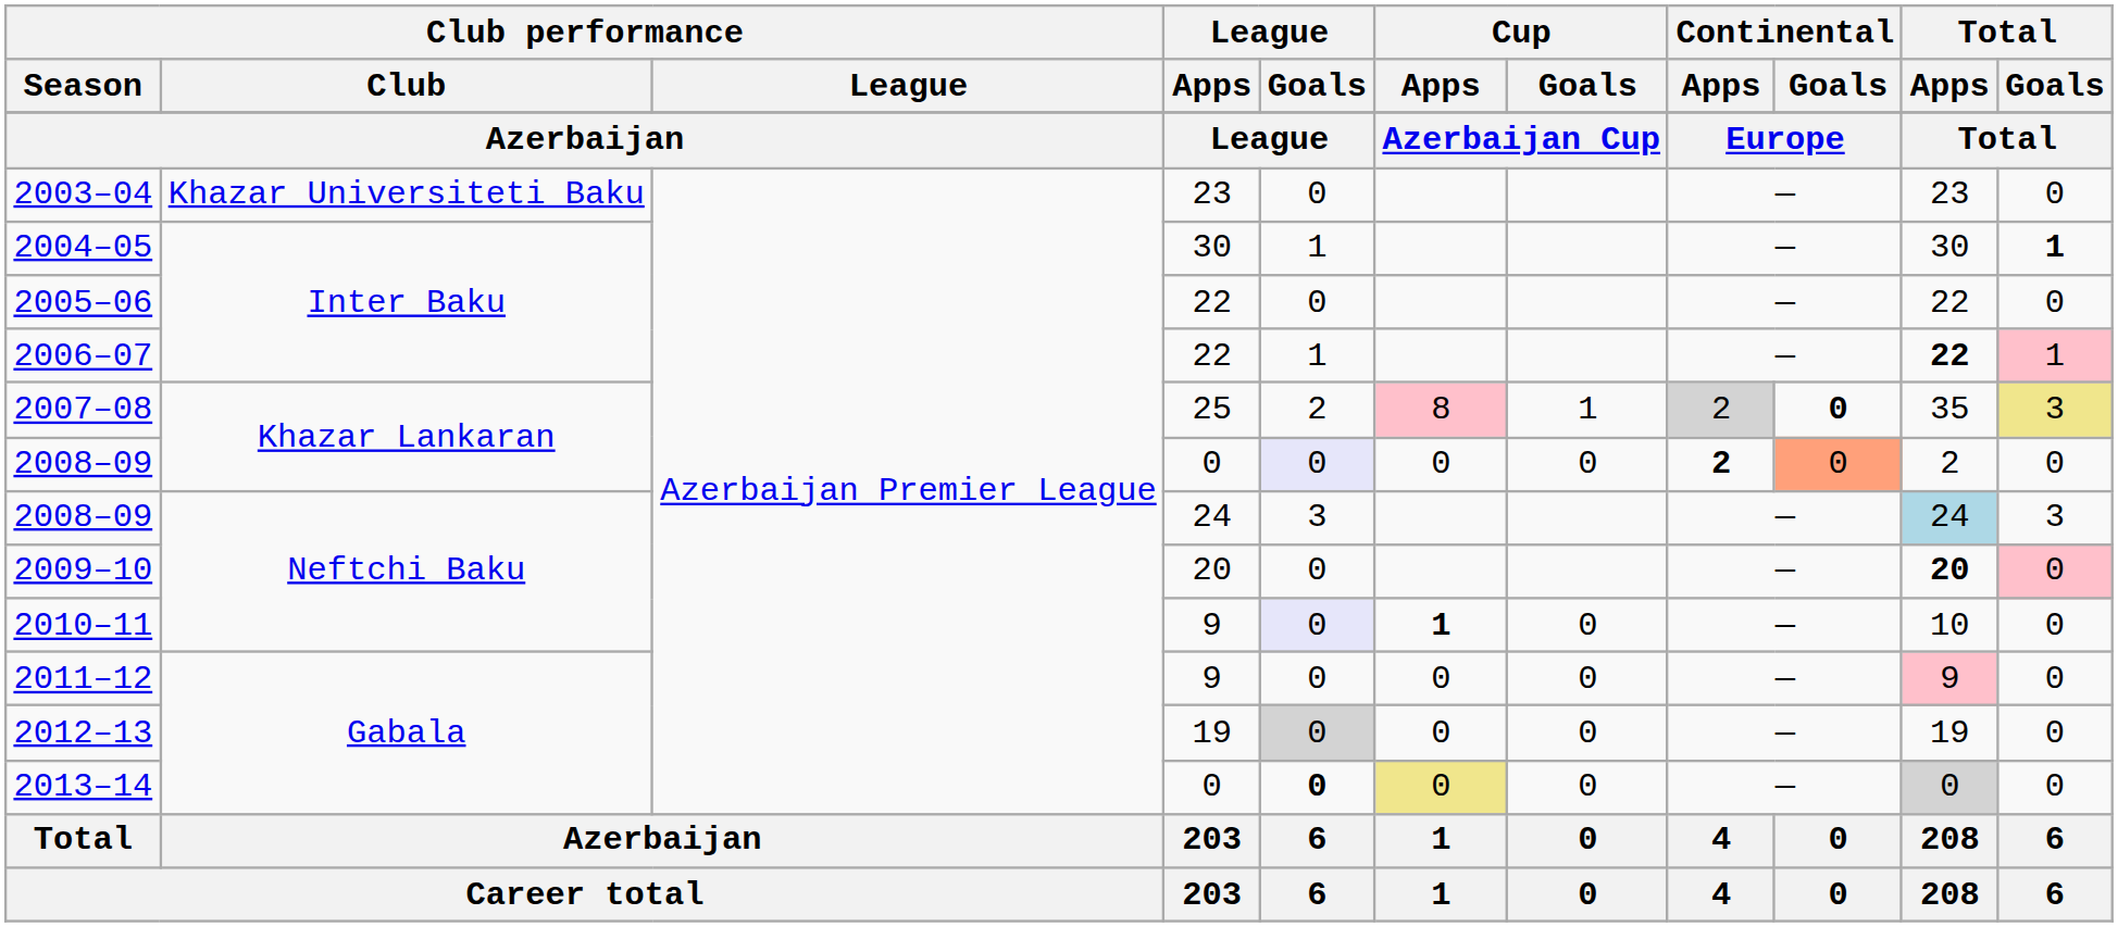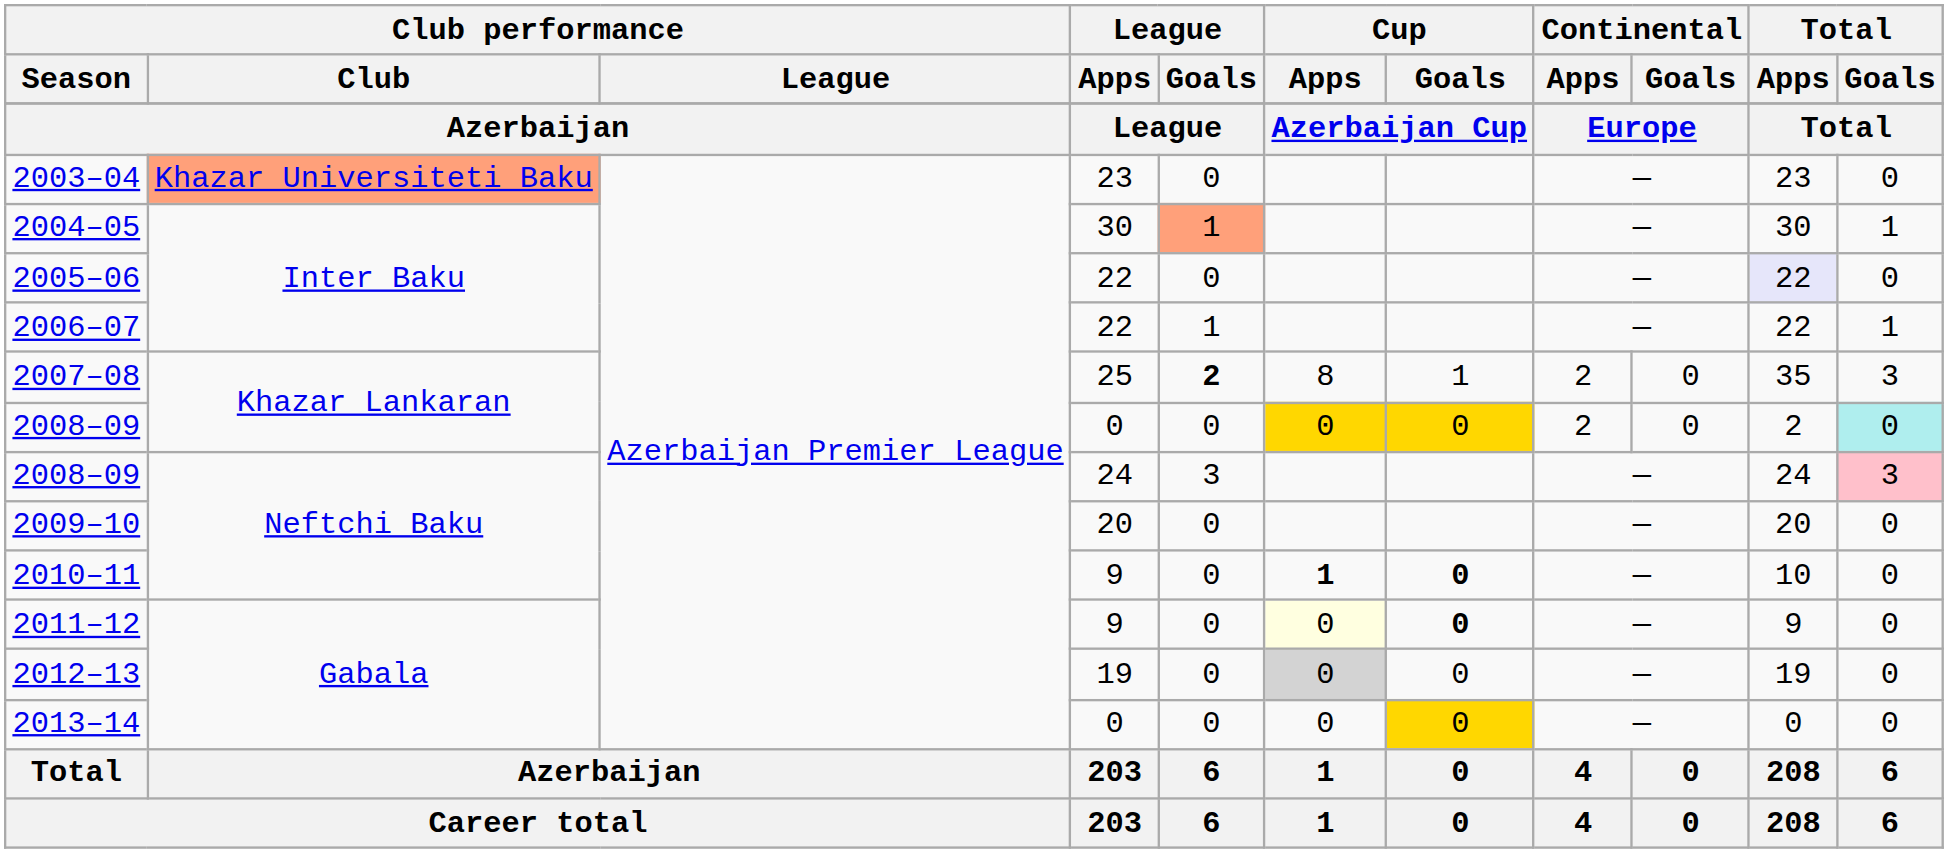 <table class="wikitable" style="text-align:center">
 <tr>
 <th colspan=3>Club performance</th>
 <th colspan=2>League</th>
 <th colspan=2>Cup</th>
 <th colspan=2>Continental</th>
 <th colspan=2>Total</th>
 </tr>
 <tr>
 <th>Season</th>
 <th>Club</th>
 <th>League</th>
 <th>Apps</th>
 <th>Goals</th>
 <th>Apps</th>
 <th>Goals</th>
 <th>Apps</th>
 <th>Goals</th>
 <th>Apps</th>
 <th>Goals</th>
 </tr>
 <tr>
 </tr>
 <tr>
 <th colspan=3>Azerbaijan</th>
 <th colspan=2>League</th>
 <th colspan=2><a href='#'>Azerbaijan Cup</a></th>
 <th colspan=2><a href='#'>Europe</a></th>
 <th colspan=2>Total</th>
 </tr>
 <tr>
 <td><a href='#'>2003–04</a></td>
-<td><a href='#'>Khazar Universiteti Baku</a></td>
+<td style="background: lightsalmon;"><a href='#'>Khazar Universiteti Baku</a></td>
 <td rowspan="12"><a href='#'>Azerbaijan Premier League</a></td>
 <td>23</td>
 <td>0</td>
 <td></td>
 <td></td>
 <td colspan="2">—</td>
 <td>23</td>
 <td>0</td>
 </tr>
 <tr>
 <td><a href='#'>2004–05</a></td>
 <td rowspan="3"><a href='#'>Inter Baku</a></td>
 <td>30</td>
-<td>1</td>
+<td style="background: lightsalmon;">1</td>
 <td></td>
 <td></td>
 <td colspan="2">—</td>
 <td>30</td>
-<td><strong>1</strong></td>
+<td>1</td>
 </tr>
 <tr>
 <td><a href='#'>2005–06</a></td>
 <td>22</td>
 <td>0</td>
 <td></td>
 <td></td>
 <td colspan="2">—</td>
-<td>22</td>
+<td style="background: lavender;">22</td>
 <td>0</td>
 </tr>
 <tr>
 <td><a href='#'>2006–07</a></td>
 <td>22</td>
 <td>1</td>
 <td></td>
 <td></td>
 <td colspan="2">—</td>
-<td><strong>22</strong></td>
-<td style="background: pink;">1</td>
+<td>22</td>
+<td>1</td>
 </tr>
 <tr>
 <td><a href='#'>2007–08</a></td>
 <td rowspan="2"><a href='#'>Khazar Lankaran</a></td>
 <td>25</td>
+<td><strong>2</strong></td>
+<td>8</td>
+<td>1</td>
 <td>2</td>
-<td style="background: pink;">8</td>
-<td>1</td>
-<td style="background: lightgrey;">2</td>
-<td><strong>0</strong></td>
+<td>0</td>
 <td>35</td>
-<td style="background: khaki;">3</td>
+<td>3</td>
 </tr>
 <tr>
 <td><a href='#'>2008–09</a></td>
 <td>0</td>
-<td style="background: lavender;">0</td>
 <td>0</td>
-<td>0</td>
-<td><strong>2</strong></td>
-<td style="background: lightsalmon;">0</td>
+<td style="background: gold;">0</td>
+<td style="background: gold;">0</td>
 <td>2</td>
 <td>0</td>
+<td>2</td>
+<td style="background: paleturquoise;">0</td>
 </tr>
 <tr>
 <td><a href='#'>2008–09</a></td>
 <td rowspan="3"><a href='#'>Neftchi Baku</a></td>
 <td>24</td>
 <td>3</td>
 <td></td>
 <td></td>
 <td colspan="2">—</td>
-<td style="background: lightblue;">24</td>
-<td>3</td>
+<td>24</td>
+<td style="background: pink;">3</td>
 </tr>
 <tr>
 <td><a href='#'>2009–10</a></td>
 <td>20</td>
 <td>0</td>
 <td></td>
 <td></td>
 <td colspan="2">—</td>
-<td><strong>20</strong></td>
-<td style="background: pink;">0</td>
+<td>20</td>
+<td>0</td>
 </tr>
 <tr>
 <td><a href='#'>2010–11</a></td>
 <td>9</td>
-<td style="background: lavender;">0</td>
+<td>0</td>
 <td><strong>1</strong></td>
-<td>0</td>
+<td><strong>0</strong></td>
 <td colspan="2">—</td>
 <td>10</td>
 <td>0</td>
 </tr>
 <tr>
 <td><a href='#'>2011–12</a></td>
 <td rowspan="3"><a href='#'>Gabala</a></td>
 <td>9</td>
 <td>0</td>
-<td>0</td>
-<td>0</td>
+<td style="background: lightyellow;">0</td>
+<td><strong>0</strong></td>
 <td colspan="2">—</td>
-<td style="background: pink;">9</td>
+<td>9</td>
 <td>0</td>
 </tr>
 <tr>
 <td><a href='#'>2012–13</a></td>
 <td>19</td>
+<td>0</td>
 <td style="background: lightgrey;">0</td>
-<td>0</td>
 <td>0</td>
 <td colspan="2">—</td>
 <td>19</td>
 <td>0</td>
 </tr>
 <tr>
 <td><a href='#'>2013–14</a></td>
 <td>0</td>
-<td><strong>0</strong></td>
-<td style="background: khaki;">0</td>
 <td>0</td>
+<td>0</td>
+<td style="background: gold;">0</td>
 <td colspan="2">—</td>
-<td style="background: lightgrey;">0</td>
+<td>0</td>
 <td>0</td>
 </tr>
 <tr>
 <th rowspan=1>Total</th>
 <th colspan=2>Azerbaijan</th>
 <th>203</th>
 <th>6</th>
 <th>1</th>
 <th>0</th>
 <th>4</th>
 <th>0</th>
 <th>208</th>
 <th>6</th>
 </tr>
 <tr>
 <th colspan=3>Career total</th>
 <th>203</th>
 <th>6</th>
 <th>1</th>
 <th>0</th>
 <th>4</th>
 <th>0</th>
 <th>208</th>
 <th>6</th>
 </tr>
 </table>
